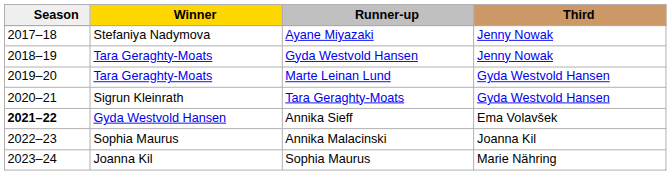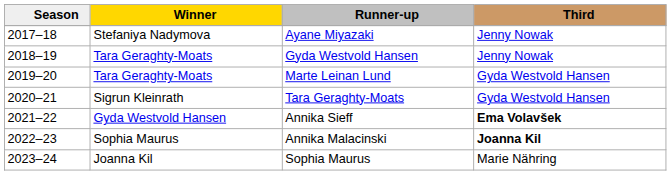 <table class="wikitable sortable" style="background:#fff; font-size:86%; line-height:16px; border:gray solid 1px; width:720px;">
 <tr style="background:#ccc; text-align:center;">
 <th style="width:13%; background:#efefef;">     Season</th>
 <th style="width:29%; background:gold">     Winner</th>
 <th style="width:29%; background:silver">     Runner-up</th>
 <th style="width:29%; background:#c96;">     Third</th>
 </tr>
 <tr>
 </tr>
 <tr>
 <td>2017–18</td>
 <td> Stefaniya Nadymova</td>
 <td> <a href='#'>Ayane Miyazaki</a></td>
 <td> <a href='#'>Jenny Nowak</a></td>
 </tr>
 <tr>
 <td>2018–19</td>
 <td> <a href='#'>Tara Geraghty-Moats</a></td>
 <td> <a href='#'>Gyda Westvold Hansen</a></td>
 <td> <a href='#'>Jenny Nowak</a></td>
 </tr>
 <tr>
 <td>2019–20</td>
 <td> <a href='#'>Tara Geraghty-Moats</a></td>
 <td> <a href='#'>Marte Leinan Lund</a></td>
 <td> <a href='#'>Gyda Westvold Hansen</a></td>
 </tr>
 <tr>
 <td>2020–21</td>
 <td> Sigrun Kleinrath</td>
 <td> <a href='#'>Tara Geraghty-Moats</a></td>
 <td> <a href='#'>Gyda Westvold Hansen</a></td>
 </tr>
 <tr>
-<td><strong>2021–22</strong></td>
+<td>2021–22</td>
 <td> <a href='#'>Gyda Westvold Hansen</a></td>
 <td> Annika Sieff</td>
-<td> Ema Volavšek</td>
+<td><strong> Ema Volavšek</strong></td>
 </tr>
 <tr>
 <td>2022–23</td>
 <td> Sophia Maurus</td>
 <td> Annika Malacinski</td>
-<td> Joanna Kil</td>
+<td><strong> Joanna Kil</strong></td>
 </tr>
 <tr>
 <td>2023–24</td>
 <td> Joanna Kil</td>
 <td> Sophia Maurus</td>
 <td> Marie Nähring</td>
 </tr>
 </table>
